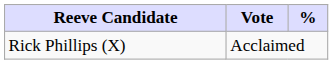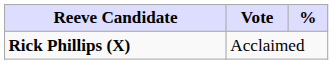 <table class="wikitable">
 <tr>
 <th style="background:#ddf; width:200px;">Reeve Candidate</th>
 <th style="background:#ddf; width:50px;">Vote</th>
 <th style="background:#ddf; width:30px;">%</th>
 </tr>
 <tr>
-<td>Rick Phillips (X)</td>
+<td><strong>Rick Phillips (X)</strong></td>
 <td colspan="2">Acclaimed</td>
 </tr>
 </table>
